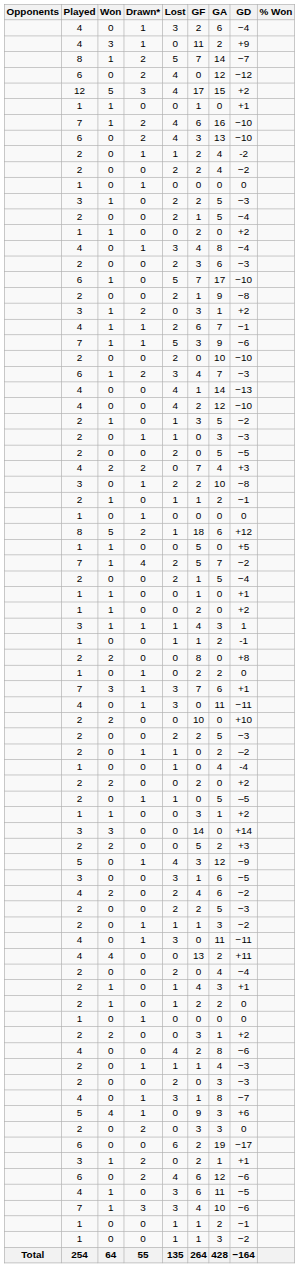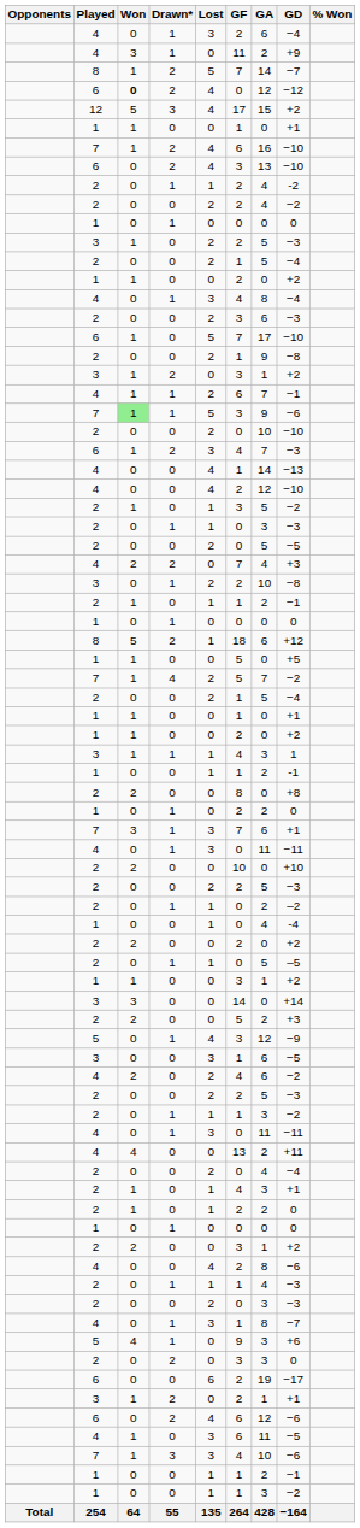 <table class="sortable wikitable" style="text-align:center">
 <tr>
 <th>Opponents</th>
 <th>Played</th>
 <th>Won</th>
 <th>Drawn*</th>
 <th>Lost</th>
 <th>GF</th>
 <th>GA</th>
 <th>GD</th>
 <th>% Won</th>
 </tr>
 <tr>
 <td style="text-align:left"></td>
 <td>4</td>
 <td>0</td>
 <td>1</td>
 <td>3</td>
 <td>2</td>
 <td>6</td>
 <td>−4</td>
 <td></td>
 </tr>
 <tr>
 <td style="text-align:left"></td>
 <td>4</td>
 <td>3</td>
 <td>1</td>
 <td>0</td>
 <td>11</td>
 <td>2</td>
 <td>+9</td>
 <td></td>
 </tr>
 <tr>
 <td style="text-align:left"></td>
 <td>8</td>
 <td>1</td>
 <td>2</td>
 <td>5</td>
 <td>7</td>
 <td>14</td>
 <td>−7</td>
 <td></td>
 </tr>
 <tr>
 <td style="text-align:left"></td>
 <td>6</td>
-<td>0</td>
+<td><strong>0</strong></td>
 <td>2</td>
 <td>4</td>
 <td>0</td>
 <td>12</td>
 <td>−12</td>
 <td></td>
 </tr>
 <tr>
 <td style="text-align:left"></td>
 <td>12</td>
 <td>5</td>
 <td>3</td>
 <td>4</td>
 <td>17</td>
 <td>15</td>
 <td>+2</td>
 <td></td>
 </tr>
 <tr>
 <td style="text-align:left"></td>
 <td>1</td>
 <td>1</td>
 <td>0</td>
 <td>0</td>
 <td>1</td>
 <td>0</td>
 <td>+1</td>
 <td></td>
 </tr>
 <tr>
 <td style="text-align:left"></td>
 <td>7</td>
 <td>1</td>
 <td>2</td>
 <td>4</td>
 <td>6</td>
 <td>16</td>
 <td>−10</td>
 <td></td>
 </tr>
 <tr>
 <td style="text-align:left"></td>
 <td>6</td>
 <td>0</td>
 <td>2</td>
 <td>4</td>
 <td>3</td>
 <td>13</td>
 <td>−10</td>
 <td></td>
 </tr>
 <tr>
 <td style="text-align:left"></td>
 <td>2</td>
 <td>0</td>
 <td>1</td>
 <td>1</td>
 <td>2</td>
 <td>4</td>
 <td>-2</td>
 <td></td>
 </tr>
 <tr>
 <td style="text-align:left"></td>
 <td>2</td>
 <td>0</td>
 <td>0</td>
 <td>2</td>
 <td>2</td>
 <td>4</td>
 <td>−2</td>
 <td></td>
 </tr>
 <tr>
 <td style="text-align:left"></td>
 <td>1</td>
 <td>0</td>
 <td>1</td>
 <td>0</td>
 <td>0</td>
 <td>0</td>
 <td>0</td>
 <td></td>
 </tr>
 <tr>
 <td style="text-align:left"></td>
 <td>3</td>
 <td>1</td>
 <td>0</td>
 <td>2</td>
 <td>2</td>
 <td>5</td>
 <td>−3</td>
 <td></td>
 </tr>
 <tr>
 <td style="text-align:left"></td>
 <td>2</td>
 <td>0</td>
 <td>0</td>
 <td>2</td>
 <td>1</td>
 <td>5</td>
 <td>−4</td>
 <td></td>
 </tr>
 <tr>
 <td style="text-align:left"></td>
 <td>1</td>
 <td>1</td>
 <td>0</td>
 <td>0</td>
 <td>2</td>
 <td>0</td>
 <td>+2</td>
 <td></td>
 </tr>
 <tr>
 <td style="text-align:left"></td>
 <td>4</td>
 <td>0</td>
 <td>1</td>
 <td>3</td>
 <td>4</td>
 <td>8</td>
 <td>−4</td>
 <td></td>
 </tr>
 <tr>
 <td style="text-align:left"></td>
 <td>2</td>
 <td>0</td>
 <td>0</td>
 <td>2</td>
 <td>3</td>
 <td>6</td>
 <td>−3</td>
 <td></td>
 </tr>
 <tr>
 <td style="text-align:left"></td>
 <td>6</td>
 <td>1</td>
 <td>0</td>
 <td>5</td>
 <td>7</td>
 <td>17</td>
 <td>−10</td>
 <td></td>
 </tr>
 <tr>
 <td style="text-align:left"></td>
 <td>2</td>
 <td>0</td>
 <td>0</td>
 <td>2</td>
 <td>1</td>
 <td>9</td>
 <td>−8</td>
 <td></td>
 </tr>
 <tr>
 <td style="text-align:left"></td>
 <td>3</td>
 <td>1</td>
 <td>2</td>
 <td>0</td>
 <td>3</td>
 <td>1</td>
 <td>+2</td>
 <td></td>
 </tr>
 <tr>
 <td style="text-align:left"></td>
 <td>4</td>
 <td>1</td>
 <td>1</td>
 <td>2</td>
 <td>6</td>
 <td>7</td>
 <td>−1</td>
 <td></td>
 </tr>
 <tr>
 <td style="text-align:left"></td>
 <td>7</td>
-<td>1</td>
+<td style="background: lightgreen;">1</td>
 <td>1</td>
 <td>5</td>
 <td>3</td>
 <td>9</td>
 <td>−6</td>
 <td></td>
 </tr>
 <tr>
 <td style="text-align:left"></td>
 <td>2</td>
 <td>0</td>
 <td>0</td>
 <td>2</td>
 <td>0</td>
 <td>10</td>
 <td>−10</td>
 <td></td>
 </tr>
 <tr>
 <td style="text-align:left"></td>
 <td>6</td>
 <td>1</td>
 <td>2</td>
 <td>3</td>
 <td>4</td>
 <td>7</td>
 <td>−3</td>
 <td></td>
 </tr>
 <tr>
 <td style="text-align:left"></td>
 <td>4</td>
 <td>0</td>
 <td>0</td>
 <td>4</td>
 <td>1</td>
 <td>14</td>
 <td>−13</td>
 <td></td>
 </tr>
 <tr>
 <td style="text-align:left"></td>
 <td>4</td>
 <td>0</td>
 <td>0</td>
 <td>4</td>
 <td>2</td>
 <td>12</td>
 <td>−10</td>
 <td></td>
 </tr>
 <tr>
 <td style="text-align:left"></td>
 <td>2</td>
 <td>1</td>
 <td>0</td>
 <td>1</td>
 <td>3</td>
 <td>5</td>
 <td>−2</td>
 <td></td>
 </tr>
 <tr>
 <td style="text-align:left"></td>
 <td>2</td>
 <td>0</td>
 <td>1</td>
 <td>1</td>
 <td>0</td>
 <td>3</td>
 <td>−3</td>
 <td></td>
 </tr>
 <tr>
 <td style="text-align:left"></td>
 <td>2</td>
 <td>0</td>
 <td>0</td>
 <td>2</td>
 <td>0</td>
 <td>5</td>
 <td>−5</td>
 <td></td>
 </tr>
 <tr>
 <td style="text-align:left"></td>
 <td>4</td>
 <td>2</td>
 <td>2</td>
 <td>0</td>
 <td>7</td>
 <td>4</td>
 <td>+3</td>
 <td></td>
 </tr>
 <tr>
 <td style="text-align:left"></td>
 <td>3</td>
 <td>0</td>
 <td>1</td>
 <td>2</td>
 <td>2</td>
 <td>10</td>
 <td>−8</td>
 <td></td>
 </tr>
 <tr>
 <td style="text-align:left"></td>
 <td>2</td>
 <td>1</td>
 <td>0</td>
 <td>1</td>
 <td>1</td>
 <td>2</td>
 <td>−1</td>
 <td></td>
 </tr>
 <tr>
 <td style="text-align:left"></td>
 <td>1</td>
 <td>0</td>
 <td>1</td>
 <td>0</td>
 <td>0</td>
 <td>0</td>
 <td>0</td>
 <td></td>
 </tr>
 <tr>
 <td style="text-align:left"></td>
 <td>8</td>
 <td>5</td>
 <td>2</td>
 <td>1</td>
 <td>18</td>
 <td>6</td>
 <td>+12</td>
 <td></td>
 </tr>
 <tr>
 <td style="text-align:left"></td>
 <td>1</td>
 <td>1</td>
 <td>0</td>
 <td>0</td>
 <td>5</td>
 <td>0</td>
 <td>+5</td>
 <td></td>
 </tr>
 <tr>
 <td style="text-align:left"></td>
 <td>7</td>
 <td>1</td>
 <td>4</td>
 <td>2</td>
 <td>5</td>
 <td>7</td>
 <td>−2</td>
 <td></td>
 </tr>
 <tr>
 <td style="text-align:left"></td>
 <td>2</td>
 <td>0</td>
 <td>0</td>
 <td>2</td>
 <td>1</td>
 <td>5</td>
 <td>−4</td>
 <td></td>
 </tr>
 <tr>
 <td style="text-align:left"></td>
 <td>1</td>
 <td>1</td>
 <td>0</td>
 <td>0</td>
 <td>1</td>
 <td>0</td>
 <td>+1</td>
 <td></td>
 </tr>
 <tr>
 <td style="text-align:left"></td>
 <td>1</td>
 <td>1</td>
 <td>0</td>
 <td>0</td>
 <td>2</td>
 <td>0</td>
 <td>+2</td>
 <td></td>
 </tr>
 <tr>
 <td style="text-align:left"></td>
 <td>3</td>
 <td>1</td>
 <td>1</td>
 <td>1</td>
 <td>4</td>
 <td>3</td>
 <td>1</td>
 <td></td>
 </tr>
 <tr>
 <td style="text-align:left"></td>
 <td>1</td>
 <td>0</td>
 <td>0</td>
 <td>1</td>
 <td>1</td>
 <td>2</td>
 <td>-1</td>
 <td></td>
 </tr>
 <tr>
 <td style="text-align:left"></td>
 <td>2</td>
 <td>2</td>
 <td>0</td>
 <td>0</td>
 <td>8</td>
 <td>0</td>
 <td>+8</td>
 <td></td>
 </tr>
 <tr>
 <td style="text-align:left"></td>
 <td>1</td>
 <td>0</td>
 <td>1</td>
 <td>0</td>
 <td>2</td>
 <td>2</td>
 <td>0</td>
 <td></td>
 </tr>
 <tr>
 <td style="text-align:left"></td>
 <td>7</td>
 <td>3</td>
 <td>1</td>
 <td>3</td>
 <td>7</td>
 <td>6</td>
 <td>+1</td>
 <td></td>
 </tr>
 <tr>
 <td style="text-align:left"></td>
 <td>4</td>
 <td>0</td>
 <td>1</td>
 <td>3</td>
 <td>0</td>
 <td>11</td>
 <td>−11</td>
 <td></td>
 </tr>
 <tr>
 <td style="text-align:left"></td>
 <td>2</td>
 <td>2</td>
 <td>0</td>
 <td>0</td>
 <td>10</td>
 <td>0</td>
 <td>+10</td>
 <td></td>
 </tr>
 <tr>
 <td style="text-align:left"></td>
 <td>2</td>
 <td>0</td>
 <td>0</td>
 <td>2</td>
 <td>2</td>
 <td>5</td>
 <td>−3</td>
 <td></td>
 </tr>
 <tr>
 <td style="text-align:left"></td>
 <td>2</td>
 <td>0</td>
 <td>1</td>
 <td>1</td>
 <td>0</td>
 <td>2</td>
 <td>–2</td>
 <td></td>
 </tr>
 <tr>
 <td style="text-align:left"></td>
 <td>1</td>
 <td>0</td>
 <td>0</td>
 <td>1</td>
 <td>0</td>
 <td>4</td>
 <td>-4</td>
 <td></td>
 </tr>
 <tr>
 <td style="text-align:left"></td>
 <td>2</td>
 <td>2</td>
 <td>0</td>
 <td>0</td>
 <td>2</td>
 <td>0</td>
 <td>+2</td>
 <td></td>
 </tr>
 <tr>
 <td style="text-align:left"></td>
 <td>2</td>
 <td>0</td>
 <td>1</td>
 <td>1</td>
 <td>0</td>
 <td>5</td>
 <td>–5</td>
 <td></td>
 </tr>
 <tr>
 <td style="text-align:left"></td>
 <td>1</td>
 <td>1</td>
 <td>0</td>
 <td>0</td>
 <td>3</td>
 <td>1</td>
 <td>+2</td>
 <td></td>
 </tr>
 <tr>
 <td style="text-align:left"></td>
 <td>3</td>
 <td>3</td>
 <td>0</td>
 <td>0</td>
 <td>14</td>
 <td>0</td>
 <td>+14</td>
 <td></td>
 </tr>
 <tr>
 <td style="text-align:left"></td>
 <td>2</td>
 <td>2</td>
 <td>0</td>
 <td>0</td>
 <td>5</td>
 <td>2</td>
 <td>+3</td>
 <td></td>
 </tr>
 <tr>
 <td style="text-align:left"></td>
 <td>5</td>
 <td>0</td>
 <td>1</td>
 <td>4</td>
 <td>3</td>
 <td>12</td>
 <td>−9</td>
 <td></td>
 </tr>
 <tr>
 <td style="text-align:left"></td>
 <td>3</td>
 <td>0</td>
 <td>0</td>
 <td>3</td>
 <td>1</td>
 <td>6</td>
 <td>−5</td>
 <td></td>
 </tr>
 <tr>
 <td style="text-align:left"></td>
 <td>4</td>
 <td>2</td>
 <td>0</td>
 <td>2</td>
 <td>4</td>
 <td>6</td>
 <td>−2</td>
 <td></td>
 </tr>
 <tr>
 <td style="text-align:left"></td>
 <td>2</td>
 <td>0</td>
 <td>0</td>
 <td>2</td>
 <td>2</td>
 <td>5</td>
 <td>−3</td>
 <td></td>
 </tr>
 <tr>
 <td style="text-align:left"></td>
 <td>2</td>
 <td>0</td>
 <td>1</td>
 <td>1</td>
 <td>1</td>
 <td>3</td>
 <td>−2</td>
 <td></td>
 </tr>
 <tr>
 <td style="text-align:left"></td>
 <td>4</td>
 <td>0</td>
 <td>1</td>
 <td>3</td>
 <td>0</td>
 <td>11</td>
 <td>−11</td>
 <td></td>
 </tr>
 <tr>
 <td style="text-align:left"></td>
 <td>4</td>
 <td>4</td>
 <td>0</td>
 <td>0</td>
 <td>13</td>
 <td>2</td>
 <td>+11</td>
 <td></td>
 </tr>
 <tr>
 <td style="text-align:left"></td>
 <td>2</td>
 <td>0</td>
 <td>0</td>
 <td>2</td>
 <td>0</td>
 <td>4</td>
 <td>−4</td>
 <td></td>
 </tr>
 <tr>
 <td style="text-align:left"></td>
 <td>2</td>
 <td>1</td>
 <td>0</td>
 <td>1</td>
 <td>4</td>
 <td>3</td>
 <td>+1</td>
 <td></td>
 </tr>
 <tr>
 <td style="text-align:left"></td>
 <td>2</td>
 <td>1</td>
 <td>0</td>
 <td>1</td>
 <td>2</td>
 <td>2</td>
 <td>0</td>
 <td></td>
 </tr>
 <tr>
 <td style="text-align:left"></td>
 <td>1</td>
 <td>0</td>
 <td>1</td>
 <td>0</td>
 <td>0</td>
 <td>0</td>
 <td>0</td>
 <td></td>
 </tr>
 <tr>
 <td style="text-align:left"></td>
 <td>2</td>
 <td>2</td>
 <td>0</td>
 <td>0</td>
 <td>3</td>
 <td>1</td>
 <td>+2</td>
 <td></td>
 </tr>
 <tr>
 <td style="text-align:left"></td>
 <td>4</td>
 <td>0</td>
 <td>0</td>
 <td>4</td>
 <td>2</td>
 <td>8</td>
 <td>−6</td>
 <td></td>
 </tr>
 <tr>
 <td style="text-align:left"></td>
 <td>2</td>
 <td>0</td>
 <td>1</td>
 <td>1</td>
 <td>1</td>
 <td>4</td>
 <td>−3</td>
 <td></td>
 </tr>
 <tr>
 <td style="text-align:left"></td>
 <td>2</td>
 <td>0</td>
 <td>0</td>
 <td>2</td>
 <td>0</td>
 <td>3</td>
 <td>−3</td>
 <td></td>
 </tr>
 <tr>
 <td style="text-align:left"></td>
 <td>4</td>
 <td>0</td>
 <td>1</td>
 <td>3</td>
 <td>1</td>
 <td>8</td>
 <td>−7</td>
 <td></td>
 </tr>
 <tr>
 <td style="text-align:left"></td>
 <td>5</td>
 <td>4</td>
 <td>1</td>
 <td>0</td>
 <td>9</td>
 <td>3</td>
 <td>+6</td>
 <td></td>
 </tr>
 <tr>
 <td style="text-align:left"></td>
 <td>2</td>
 <td>0</td>
 <td>2</td>
 <td>0</td>
 <td>3</td>
 <td>3</td>
 <td>0</td>
 <td></td>
 </tr>
 <tr>
 <td style="text-align:left"></td>
 <td>6</td>
 <td>0</td>
 <td>0</td>
 <td>6</td>
 <td>2</td>
 <td>19</td>
 <td>−17</td>
 <td></td>
 </tr>
 <tr>
 <td style="text-align:left"></td>
 <td>3</td>
 <td>1</td>
 <td>2</td>
 <td>0</td>
 <td>2</td>
 <td>1</td>
 <td>+1</td>
 <td></td>
 </tr>
 <tr>
 <td style="text-align:left"></td>
 <td>6</td>
 <td>0</td>
 <td>2</td>
 <td>4</td>
 <td>6</td>
 <td>12</td>
 <td>−6</td>
 <td></td>
 </tr>
 <tr>
 <td style="text-align:left"></td>
 <td>4</td>
 <td>1</td>
 <td>0</td>
 <td>3</td>
 <td>6</td>
 <td>11</td>
 <td>−5</td>
 <td></td>
 </tr>
 <tr>
 <td style="text-align:left"></td>
 <td>7</td>
 <td>1</td>
 <td>3</td>
 <td>3</td>
 <td>4</td>
 <td>10</td>
 <td>−6</td>
 <td></td>
 </tr>
 <tr>
 <td style="text-align:left"></td>
 <td>1</td>
 <td>0</td>
 <td>0</td>
 <td>1</td>
 <td>1</td>
 <td>2</td>
 <td>−1</td>
 <td></td>
 </tr>
 <tr>
 <td style="text-align:left"></td>
 <td>1</td>
 <td>0</td>
 <td>0</td>
 <td>1</td>
 <td>1</td>
 <td>3</td>
 <td>−2</td>
 <td></td>
 </tr>
 <tr class="sortbottom">
 <th>Total</th>
 <th>254</th>
 <th>64</th>
 <th>55</th>
 <th>135</th>
 <th>264</th>
 <th>428</th>
 <th>−164</th>
 <th></th>
 </tr>
 </table>
